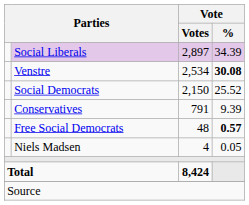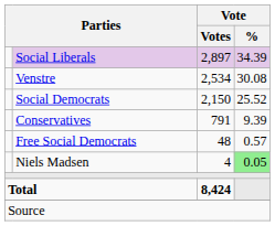 <table class="wikitable" style="text-align:right;">
 <tr>
 <th style="text-align:centre;" rowspan="2" colspan="2" width="225">Parties</th>
 <th colspan="3">Vote</th>
 </tr>
 <tr>
 <th width="15">Votes</th>
 <th width="15">%</th>
 </tr>
 <tr>
 <td width="2" style="color:inherit;background:"></td>
 <td bgcolor=#e3c8e9  align="left"><a href='#'>Social Liberals</a></td>
 <td bgcolor=#e3c8e9>2,897</td>
 <td bgcolor=#e3c8e9>34.39</td>
 </tr>
 <tr>
 <td width="2" style="color:inherit;background:"></td>
 <td align="left"><a href='#'>Venstre</a></td>
 <td>2,534</td>
-<td><strong>30.08</strong></td>
+<td>30.08</td>
 </tr>
 <tr>
 <td width="2" style="color:inherit;background:"></td>
 <td align="left"><a href='#'>Social Democrats</a></td>
 <td>2,150</td>
 <td>25.52</td>
 </tr>
 <tr>
 <td width="2" style="color:inherit;background:"></td>
 <td align="left"><a href='#'>Conservatives</a></td>
 <td>791</td>
 <td>9.39</td>
 </tr>
 <tr>
 <td width="2" style="color:inherit;background:"></td>
 <td align="left"><a href='#'>Free Social Democrats</a></td>
 <td>48</td>
-<td><strong>0.57</strong></td>
+<td>0.57</td>
 </tr>
 <tr>
 <td width="2" style="color:inherit;background:"></td>
 <td align="left">Niels Madsen</td>
 <td>4</td>
-<td>0.05</td>
+<td style="background: lightgreen;">0.05</td>
 </tr>
 <tr>
 <td colspan="7" bgcolor="#E9E9E9"></td>
 </tr>
 <tr>
 <td align="left" colspan="2"><strong>Total</strong></td>
 <td><strong>8,424</strong></td>
 <td bgcolor="#E9E9E9" colspan="2"></td>
 </tr>
 <tr>
 </tr>
 <tr>
 <td align="left" colspan="6">Source</td>
 </tr>
 </table>
